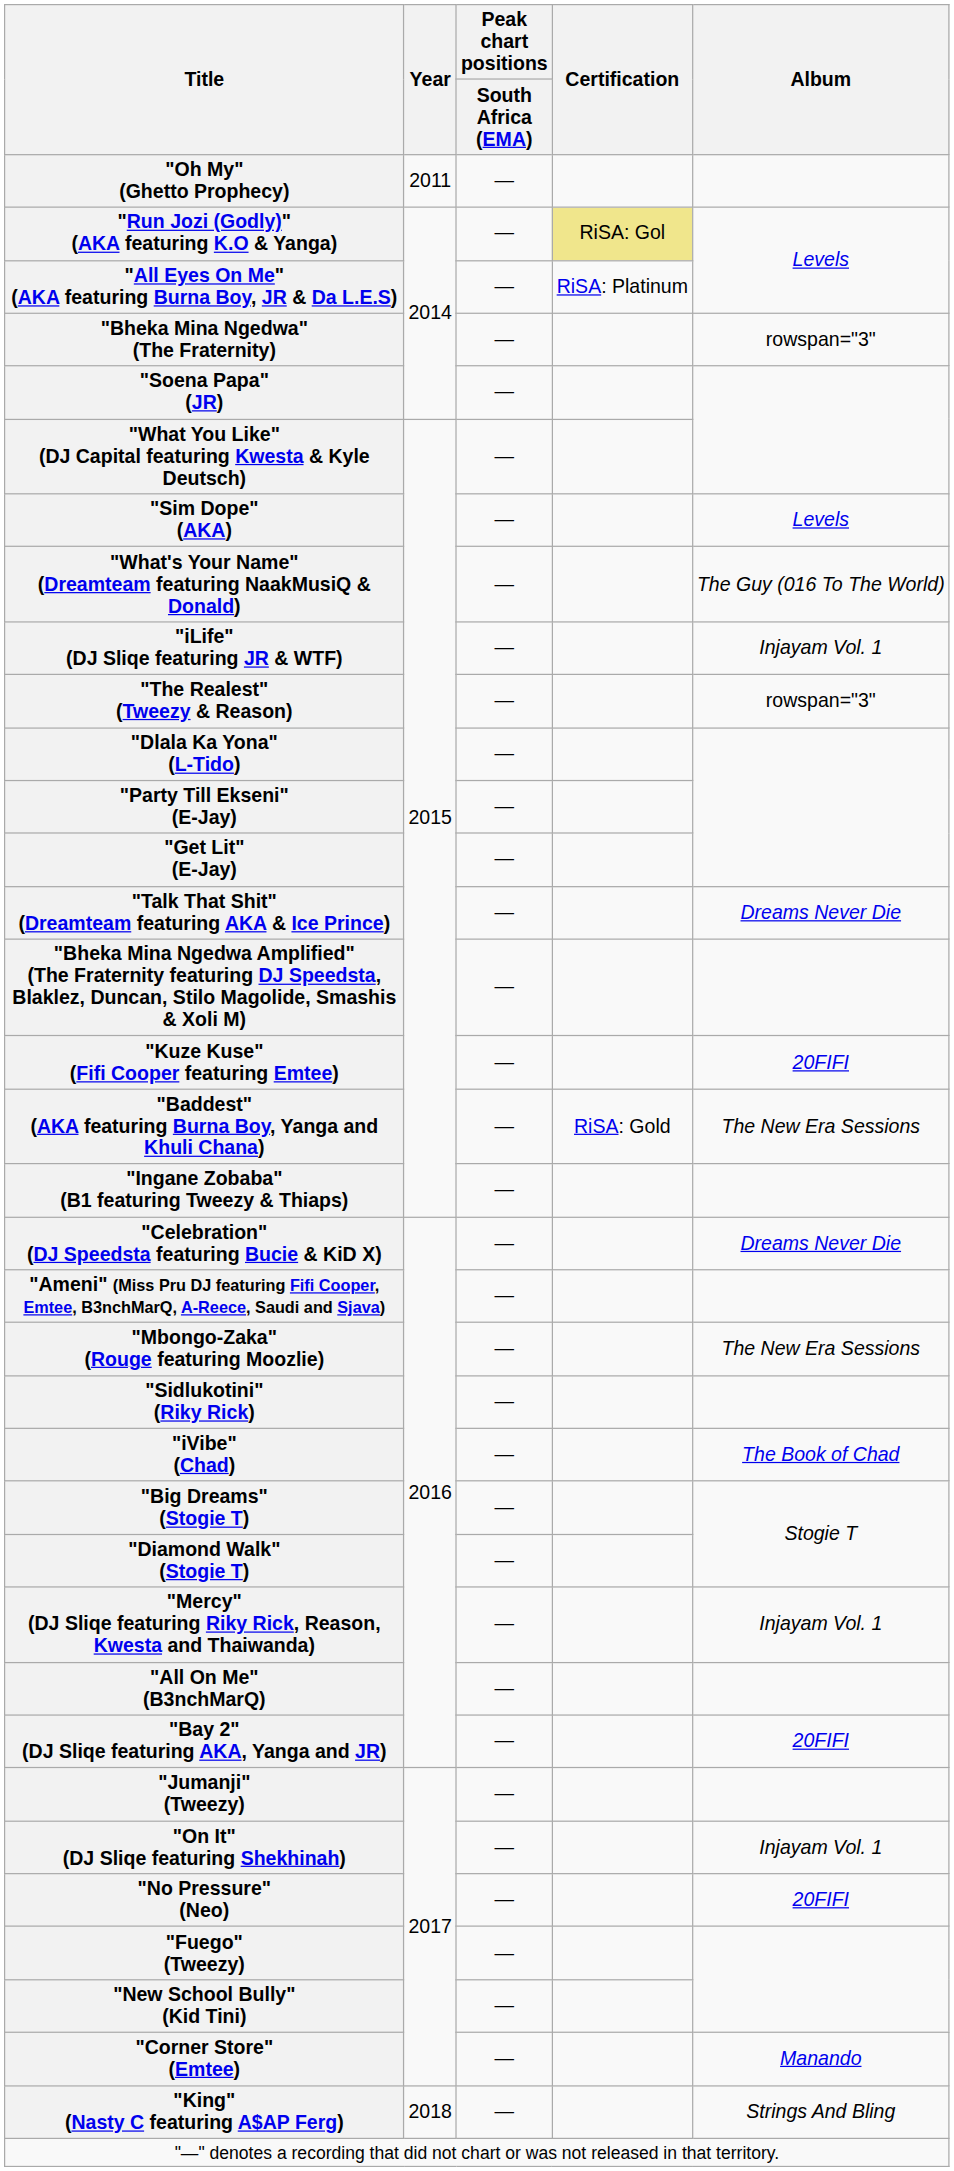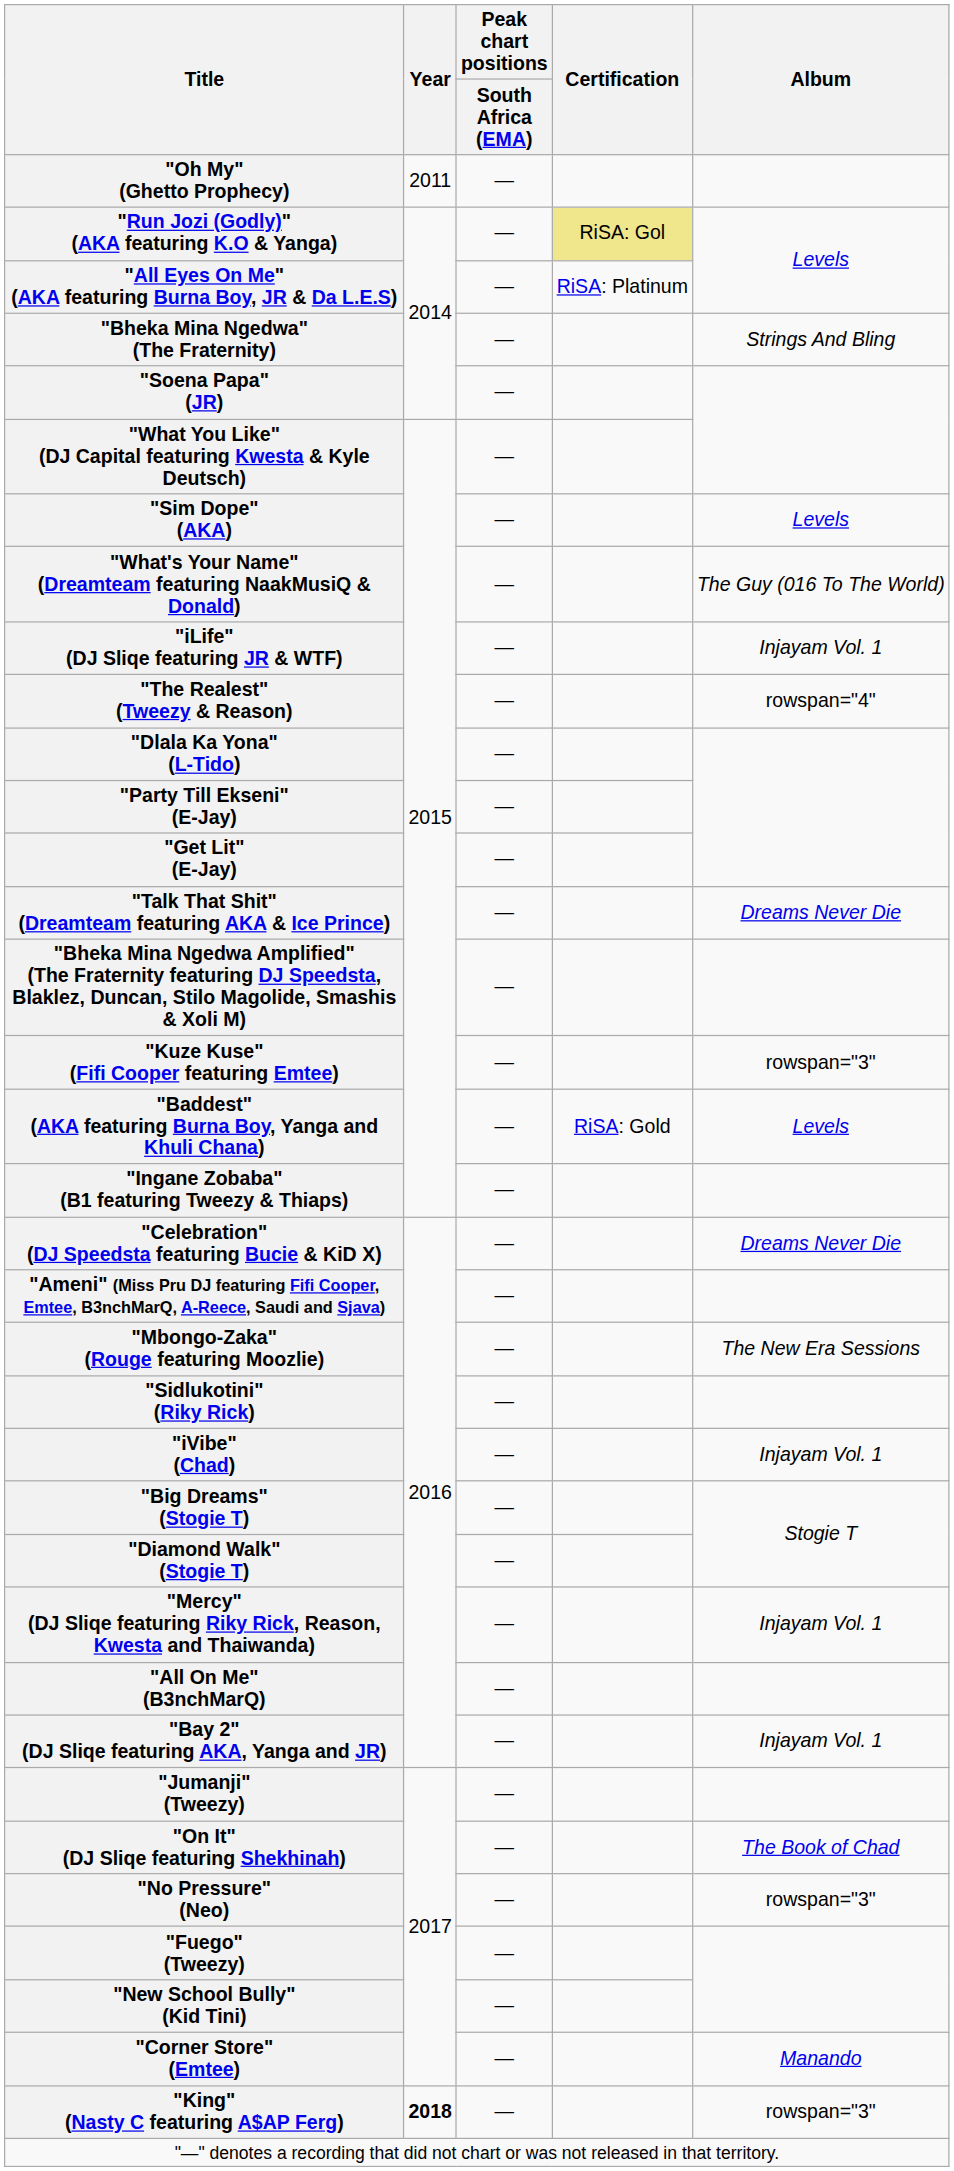 <table class="wikitable plainrowheaders" style="text-align:center;">
 <tr>
 <th scope="col" rowspan="2" style="width:20em;">Title</th>
 <th scope="col" rowspan="2">Year</th>
 <th scope="col" colspan="1">Peak chart positions</th>
 <th scope="col" rowspan="2">Certification</th>
 <th scope="col" rowspan="2">Album</th>
 </tr>
 <tr>
 <th scope="col" style="width:3em;">South Africa (<a href='#'>EMA</a>)</th>
 </tr>
 <tr>
 <th scope="row">"Oh My"<br>(Ghetto Prophecy)</th>
 <td>2011</td>
 <td>—</td>
 <td></td>
 <td></td>
 </tr>
 <tr>
 <th scope="row">"<a href='#'>Run Jozi (Godly)</a>"<br>(<a href='#'>AKA</a> featuring <a href='#'>K.O</a> & Yanga)</th>
 <td rowspan="4">2014</td>
 <td>—</td>
 <td style="background: khaki;">RiSA: Gol</td>
 <td rowspan="2"><em><a href='#'>Levels</a></em></td>
 </tr>
 <tr>
 <th scope="row">"<a href='#'>All Eyes On Me</a>"<br>(<a href='#'>AKA</a> featuring <a href='#'>Burna Boy</a>, <a href='#'>JR</a> & <a href='#'>Da L.E.S</a>)</th>
 <td>—</td>
 <td><a href='#'>RiSA</a>: Platinum</td>
 </tr>
 <tr>
 <th scope="row">"Bheka Mina Ngedwa"<br>(The Fraternity)</th>
 <td>—</td>
 <td></td>
-<td>rowspan="3" </td>
+<td><em>Strings And Bling</em></td>
 </tr>
 <tr>
 <th scope="row">"Soena Papa"<br>(<a href='#'>JR</a>)</th>
 <td>—</td>
 <td></td>
 </tr>
 <tr>
 <th scope="row">"What You Like"<br>(DJ Capital featuring <a href='#'>Kwesta</a> & Kyle Deutsch)</th>
 <td rowspan="13">2015</td>
 <td>—</td>
 <td></td>
 </tr>
 <tr>
 <th scope="row">"Sim Dope"<br>(<a href='#'>AKA</a>)</th>
 <td>—</td>
 <td></td>
 <td><em><a href='#'>Levels</a></em></td>
 </tr>
 <tr>
 <th scope="row">"What's Your Name"<br>(<a href='#'>Dreamteam</a> featuring NaakMusiQ & <a href='#'>Donald</a>)</th>
 <td>—</td>
 <td></td>
 <td><em>The Guy (016 To The World)</em></td>
 </tr>
 <tr>
 <th scope="row">"iLife"<br>(DJ Sliqe featuring <a href='#'>JR</a> & WTF)</th>
 <td>—</td>
 <td></td>
 <td><em>Injayam Vol. 1</em></td>
 </tr>
 <tr>
 <th scope="row">"The Realest"<br>(<a href='#'>Tweezy</a> & Reason)</th>
 <td>—</td>
 <td></td>
-<td>rowspan="3" </td>
+<td>rowspan="4" </td>
 </tr>
 <tr>
 <th scope="row">"Dlala Ka Yona"<br>(<a href='#'>L-Tido</a>)</th>
 <td>—</td>
 <td></td>
 </tr>
 <tr>
 <th scope="row">"Party Till Ekseni"<br>(E-Jay)</th>
 <td>—</td>
 <td></td>
 </tr>
 <tr>
 <th scope="row">"Get Lit"<br>(E-Jay)</th>
 <td>—</td>
 <td></td>
 </tr>
 <tr>
 <th scope="row">"Talk That Shit"<br>(<a href='#'>Dreamteam</a> featuring <a href='#'>AKA</a> & <a href='#'>Ice Prince</a>)</th>
 <td>—</td>
 <td></td>
 <td><em><a href='#'>Dreams Never Die</a></em></td>
 </tr>
 <tr>
 <th scope="row">"Bheka Mina Ngedwa Amplified"<br>(The Fraternity featuring <a href='#'>DJ Speedsta</a>, Blaklez, Duncan, Stilo Magolide, Smashis & Xoli M)</th>
 <td>—</td>
 <td></td>
 <td></td>
 </tr>
 <tr>
 <th scope="row">"Kuze Kuse"<br>(<a href='#'>Fifi Cooper</a> featuring <a href='#'>Emtee</a>)</th>
 <td>—</td>
 <td></td>
-<td><em><a href='#'>20FIFI</a></em></td>
+<td>rowspan="3" </td>
 </tr>
 <tr>
 <th scope="row">"Baddest"<br>(<a href='#'>AKA</a> featuring <a href='#'>Burna Boy</a>, Yanga and <a href='#'>Khuli Chana</a>)</th>
 <td>—</td>
 <td><a href='#'>RiSA</a>: Gold</td>
-<td><em>The New Era Sessions</em></td>
+<td><em><a href='#'>Levels</a></em></td>
 </tr>
 <tr>
 <th scope="row">"Ingane Zobaba"<br>(B1 featuring Tweezy & Thiaps)</th>
 <td>—</td>
 <td></td>
 <td></td>
 </tr>
 <tr>
 <th scope="row">"Celebration"<br>(<a href='#'>DJ Speedsta</a> featuring <a href='#'>Bucie</a> & KiD X)</th>
 <td rowspan="10">2016</td>
 <td>—</td>
 <td></td>
 <td><em><a href='#'>Dreams Never Die</a></em></td>
 </tr>
 <tr>
 <th scope="row">"Ameni" <small>(Miss Pru DJ featuring <a href='#'>Fifi Cooper</a>, <a href='#'>Emtee</a>, B3nchMarQ, <a href='#'>A-Reece</a>, Saudi and <a href='#'>Sjava</a>)</small></th>
 <td>—</td>
 <td></td>
 <td></td>
 </tr>
 <tr>
 <th scope="row">"Mbongo-Zaka"<br>(<a href='#'>Rouge</a> featuring Moozlie)</th>
 <td>—</td>
 <td></td>
 <td><em>The New Era Sessions</em></td>
 </tr>
 <tr>
 <th scope="row">"Sidlukotini"<br>(<a href='#'>Riky Rick</a>)</th>
 <td>—</td>
 <td></td>
 <td></td>
 </tr>
 <tr>
 <th scope="row">"iVibe"<br>(<a href='#'>Chad</a>)</th>
 <td>—</td>
 <td></td>
-<td><em><a href='#'>The Book of Chad</a></em></td>
+<td><em>Injayam Vol. 1</em></td>
 </tr>
 <tr>
 <th scope="row">"Big Dreams"<br>(<a href='#'>Stogie T</a>)</th>
 <td>—</td>
 <td></td>
 <td rowspan="2"><em>Stogie T</em></td>
 </tr>
 <tr>
 <th scope="row">"Diamond Walk"<br>(<a href='#'>Stogie T</a>)</th>
 <td>—</td>
 <td></td>
 </tr>
 <tr>
 <th scope="row">"Mercy"<br>(DJ Sliqe featuring <a href='#'>Riky Rick</a>, Reason, <a href='#'>Kwesta</a> and Thaiwanda)</th>
 <td>—</td>
 <td></td>
 <td><em>Injayam Vol. 1</em></td>
 </tr>
 <tr>
 <th scope="row">"All On Me"<br>(B3nchMarQ)</th>
 <td>—</td>
 <td></td>
 <td></td>
 </tr>
 <tr>
 <th scope="row">"Bay 2"<br>(DJ Sliqe featuring <a href='#'>AKA</a>, Yanga and <a href='#'>JR</a>)</th>
 <td>—</td>
 <td></td>
-<td><em><a href='#'>20FIFI</a></em></td>
+<td><em>Injayam Vol. 1</em></td>
 </tr>
 <tr>
 <th scope="row">"Jumanji"<br>(Tweezy)</th>
 <td rowspan="6">2017</td>
 <td>—</td>
 <td></td>
 <td></td>
 </tr>
 <tr>
 <th scope="row">"On It"<br>(DJ Sliqe featuring <a href='#'>Shekhinah</a>)</th>
 <td>—</td>
 <td></td>
-<td><em>Injayam Vol. 1</em></td>
+<td><em><a href='#'>The Book of Chad</a></em></td>
 </tr>
 <tr>
 <th scope="row">"No Pressure"<br>(Neo)</th>
 <td>—</td>
 <td></td>
-<td><em><a href='#'>20FIFI</a></em></td>
+<td>rowspan="3" </td>
 </tr>
 <tr>
 <th scope="row">"Fuego"<br>(Tweezy)</th>
 <td>—</td>
 <td></td>
 </tr>
 <tr>
 <th scope="row">"New School Bully"<br>(Kid Tini)</th>
 <td>—</td>
 <td></td>
 </tr>
 <tr>
 <th scope="row">"Corner Store"<br>(<a href='#'>Emtee</a>)</th>
 <td>—</td>
 <td></td>
 <td><em><a href='#'>Manando</a></em></td>
 </tr>
 <tr>
 <th scope="row">"King"<br>(<a href='#'>Nasty C</a> featuring <a href='#'>A$AP Ferg</a>)</th>
-<td>2018</td>
+<td><strong>2018</strong></td>
 <td>—</td>
 <td></td>
-<td><em>Strings And Bling</em></td>
+<td>rowspan="3" </td>
 </tr>
 <tr>
 <td colspan="14" style="font-size:90%">"—" denotes a recording that did not chart or was not released in that territory.</td>
 </tr>
 </table>
